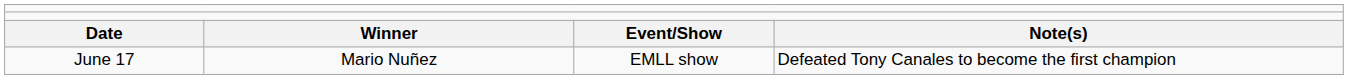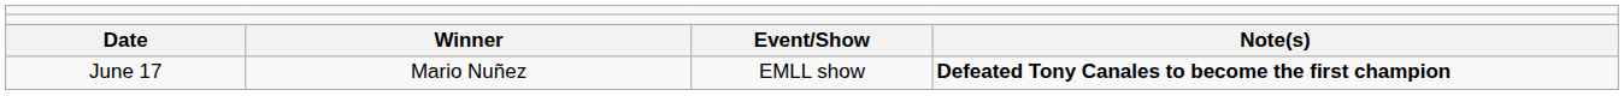 <table class="wikitable" style="text-align:center; width:100%;">
 <tr>
 <td colspan=5></td>
 </tr>
 <tr>
 <td colspan=5><strong></strong></td>
 </tr>
 <tr>
 <th width=14%>Date</th>
 <th width=26%>Winner</th>
 <th width=14%>Event/Show</th>
 <th width=40%>Note(s)</th>
 </tr>
 <tr>
 <td>June 17</td>
 <td>Mario Nuñez</td>
 <td>EMLL show</td>
-<td align=left>Defeated Tony Canales to become the first champion</td>
+<td align=left><strong>Defeated Tony Canales to become the first champion</strong></td>
 </tr>
 </table>
